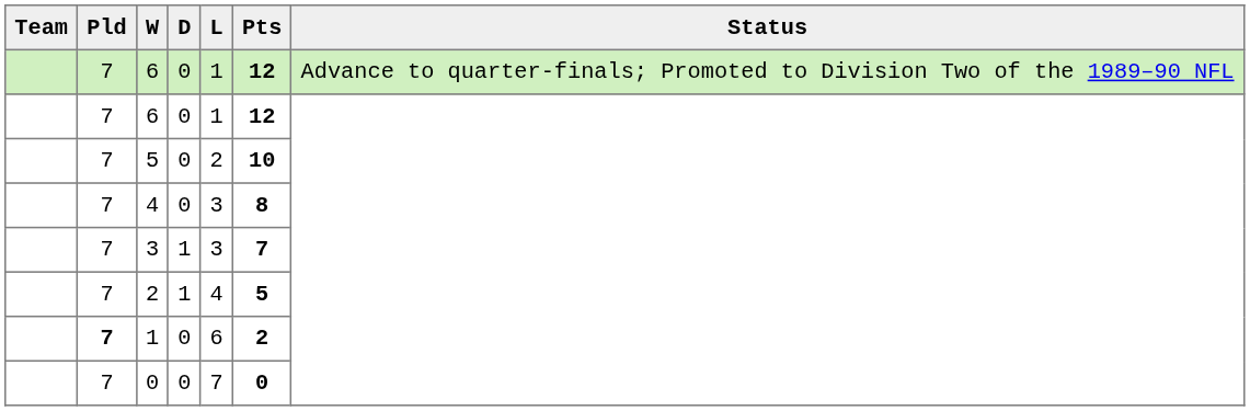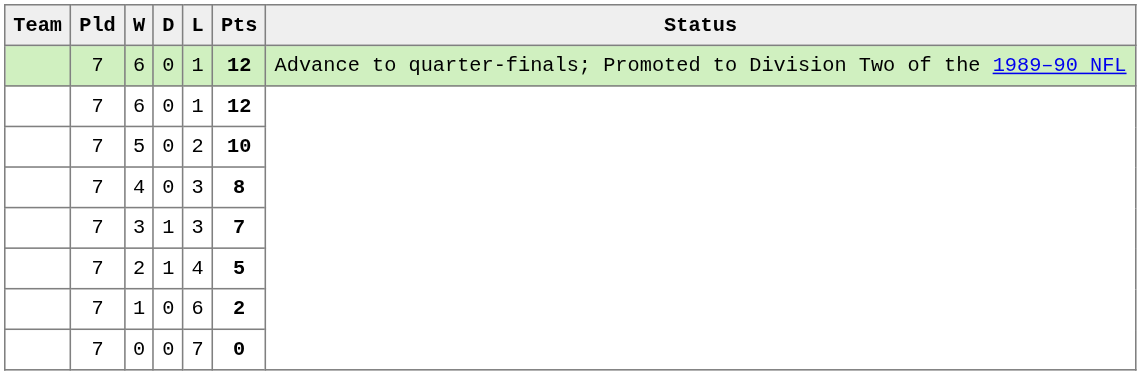 <table style=border-collapse:collapse border=1 cellspacing=0 cellpadding=5>
 <tr align=center bgcolor=#efefef>
 <th>Team</th>
 <th>Pld</th>
 <th>W</th>
 <th>D</th>
 <th>L</th>
 <th>Pts</th>
 <th>Status</th>
 </tr>
 <tr align=center style="background:#D0F0C0;">
 <td style="text-align:left;"> </td>
 <td>7</td>
 <td>6</td>
 <td>0</td>
 <td>1</td>
 <td><strong>12</strong></td>
 <td rowspan=1>Advance to quarter-finals; Promoted to Division Two of the <a href='#'>1989–90 NFL</a></td>
 </tr>
 <tr align=center style="background:#FFFFFF;">
 <td style="text-align:left;"> </td>
 <td>7</td>
 <td>6</td>
 <td>0</td>
 <td>1</td>
 <td><strong>12</strong></td>
 <td rowspan=7></td>
 </tr>
 <tr align=center style="background:#FFFFFF;">
 <td style="text-align:left;"> </td>
 <td>7</td>
 <td>5</td>
 <td>0</td>
 <td>2</td>
 <td><strong>10</strong></td>
 </tr>
 <tr align=center style="background:#FFFFFF;">
 <td style="text-align:left;"> </td>
 <td>7</td>
 <td>4</td>
 <td>0</td>
 <td>3</td>
 <td><strong>8</strong></td>
 </tr>
 <tr align=center style="background:#FFFFFF;">
 <td style="text-align:left;"> </td>
 <td>7</td>
 <td>3</td>
 <td>1</td>
 <td>3</td>
 <td><strong>7</strong></td>
 </tr>
 <tr align=center style="background:#FFFFFF;">
 <td style="text-align:left;"> </td>
 <td>7</td>
 <td>2</td>
 <td>1</td>
 <td>4</td>
 <td><strong>5</strong></td>
 </tr>
 <tr align=center style="background:#FFFFFF;">
 <td style="text-align:left;"> </td>
-<td><strong>7</strong></td>
+<td>7</td>
 <td>1</td>
 <td>0</td>
 <td>6</td>
 <td><strong>2</strong></td>
 </tr>
 <tr align=center style="background:#FFFFFF;">
 <td style="text-align:left;"> </td>
 <td>7</td>
 <td>0</td>
 <td>0</td>
 <td>7</td>
 <td><strong>0</strong></td>
 </tr>
 </table>
